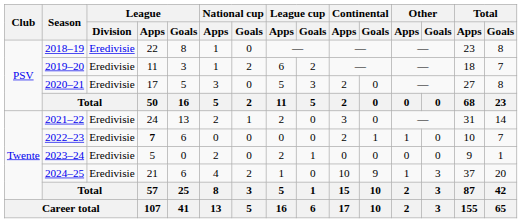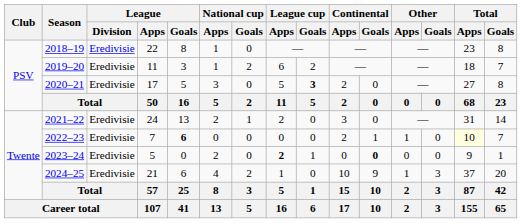 <table class="wikitable" Style="text-align: center">
 <tr>
 <th rowspan="2">Club</th>
 <th rowspan="2">Season</th>
 <th colspan="3">League</th>
 <th colspan="2">National cup</th>
 <th colspan="2">League cup</th>
 <th colspan="2">Continental</th>
 <th colspan="2">Other</th>
 <th colspan="2">Total</th>
 </tr>
 <tr>
 <th>Division</th>
 <th>Apps</th>
 <th>Goals</th>
 <th>Apps</th>
 <th>Goals</th>
 <th>Apps</th>
 <th>Goals</th>
 <th>Apps</th>
 <th>Goals</th>
 <th>Apps</th>
 <th>Goals</th>
 <th>Apps</th>
 <th>Goals</th>
 </tr>
 <tr>
 <td rowspan="4"><a href='#'>PSV</a></td>
 <td><a href='#'>2018–19</a></td>
 <td><a href='#'>Eredivisie</a></td>
 <td>22</td>
 <td>8</td>
 <td>1</td>
 <td>0</td>
 <td colspan="2">—</td>
 <td colspan="2">—</td>
 <td colspan="2">—</td>
 <td>23</td>
 <td>8</td>
 </tr>
 <tr>
 <td><a href='#'>2019–20</a></td>
 <td>Eredivisie</td>
 <td>11</td>
 <td>3</td>
 <td>1</td>
 <td>2</td>
 <td>6</td>
 <td>2</td>
 <td colspan="2">—</td>
 <td colspan="2">—</td>
 <td>18</td>
 <td>7</td>
 </tr>
 <tr>
 <td><a href='#'>2020–21</a></td>
 <td>Eredivisie</td>
 <td>17</td>
 <td>5</td>
 <td>3</td>
 <td>0</td>
 <td>5</td>
-<td>3</td>
+<td><strong>3</strong></td>
 <td>2</td>
 <td>0</td>
 <td colspan="2">—</td>
 <td>27</td>
 <td>8</td>
 </tr>
 <tr>
 <th colspan="2">Total</th>
 <th>50</th>
 <th>16</th>
 <th>5</th>
 <th>2</th>
 <th>11</th>
 <th>5</th>
 <th>2</th>
 <th>0</th>
 <th>0</th>
 <th>0</th>
 <th>68</th>
 <th>23</th>
 </tr>
 <tr>
 <td rowspan="5"><a href='#'>Twente</a></td>
 <td><a href='#'>2021–22</a></td>
 <td>Eredivisie</td>
 <td>24</td>
 <td>13</td>
 <td>2</td>
 <td>1</td>
 <td>2</td>
 <td>0</td>
 <td>3</td>
 <td>0</td>
 <td colspan="2">—</td>
 <td>31</td>
 <td>14</td>
 </tr>
 <tr>
 <td><a href='#'>2022–23</a></td>
 <td>Eredivisie</td>
-<td><strong>7</strong></td>
-<td>6</td>
+<td>7</td>
+<td><strong>6</strong></td>
 <td>0</td>
 <td>0</td>
 <td>0</td>
 <td>0</td>
 <td>2</td>
 <td>1</td>
 <td>1</td>
 <td>0</td>
-<td>10</td>
+<td style="background: lightyellow;">10</td>
 <td>7</td>
 </tr>
 <tr>
 <td><a href='#'>2023–24</a></td>
 <td>Eredivisie</td>
 <td>5</td>
 <td>0</td>
 <td>2</td>
 <td>0</td>
-<td>2</td>
+<td><strong>2</strong></td>
 <td>1</td>
 <td>0</td>
-<td>0</td>
+<td><strong>0</strong></td>
 <td>0</td>
 <td>0</td>
 <td>9</td>
 <td>1</td>
 </tr>
 <tr>
 <td><a href='#'>2024–25</a></td>
 <td>Eredivisie</td>
 <td>21</td>
 <td>6</td>
 <td>4</td>
 <td>2</td>
 <td>1</td>
 <td>0</td>
 <td>10</td>
 <td>9</td>
 <td>1</td>
 <td>3</td>
 <td>37</td>
 <td>20</td>
 </tr>
 <tr>
 <th colspan="2">Total</th>
 <th>57</th>
 <th>25</th>
 <th>8</th>
 <th>3</th>
 <th>5</th>
 <th>1</th>
 <th>15</th>
 <th>10</th>
 <th>2</th>
 <th>3</th>
 <th>87</th>
 <th>42</th>
 </tr>
 <tr>
 <th colspan="3">Career total</th>
 <th>107</th>
 <th>41</th>
 <th>13</th>
 <th>5</th>
 <th>16</th>
 <th>6</th>
 <th>17</th>
 <th>10</th>
 <th>2</th>
 <th>3</th>
 <th>155</th>
 <th>65</th>
 </tr>
 </table>
